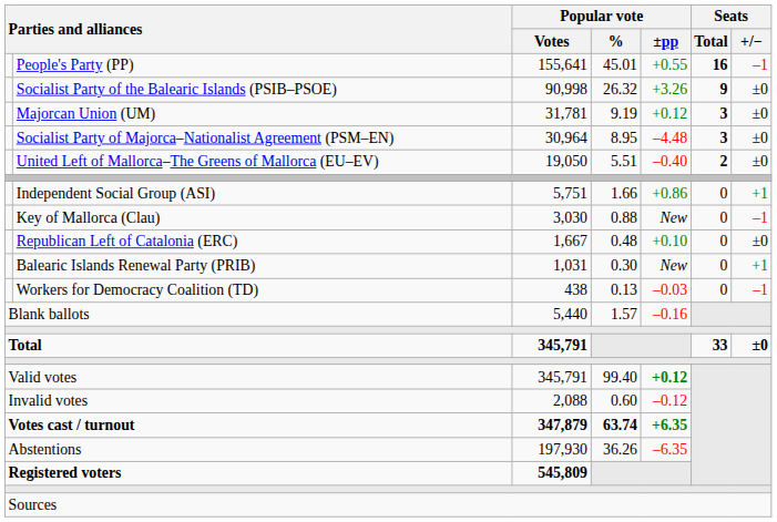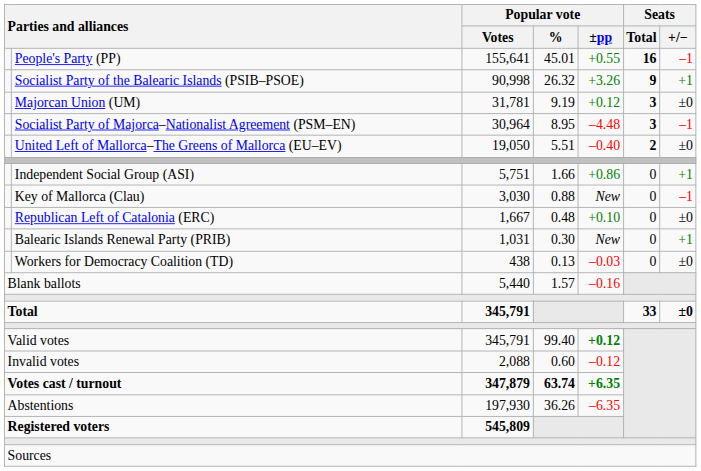 <table class="wikitable" style="text-align:right;">
 <tr>
 <th style="text-align:left;" rowspan="2" colspan="2" width="525">Parties and alliances</th>
 <th colspan="3">Popular vote</th>
 <th colspan="2">Seats</th>
 </tr>
 <tr>
 <th width="75">Votes</th>
 <th width="45">%</th>
 <th width="45">±<a href='#'>pp</a></th>
 <th width="35">Total</th>
 <th width="35">+/−</th>
 </tr>
 <tr>
 <td width="1" style="color:inherit;background:"></td>
 <td align="left"><a href='#'>People's Party</a> (PP)</td>
 <td>155,641</td>
 <td>45.01</td>
 <td style="color:green;">+0.55</td>
 <td><strong>16</strong></td>
 <td style="color:red;">–1</td>
 </tr>
 <tr>
 <td style="color:inherit;background:"></td>
 <td align="left"><a href='#'>Socialist Party of the Balearic Islands</a> (PSIB–PSOE)</td>
 <td>90,998</td>
 <td>26.32</td>
 <td style="color:green;">+3.26</td>
 <td><strong>9</strong></td>
-<td>±0</td>
+<td style="color:green;">+1</td>
 </tr>
 <tr>
 <td style="color:inherit;background:"></td>
 <td align="left"><a href='#'>Majorcan Union</a> (UM)</td>
 <td>31,781</td>
 <td>9.19</td>
 <td style="color:green;">+0.12</td>
 <td><strong>3</strong></td>
 <td>±0</td>
 </tr>
 <tr>
 <td style="color:inherit;background:"></td>
 <td align="left"><a href='#'>Socialist Party of Majorca</a>–<a href='#'>Nationalist Agreement</a> (PSM–EN)</td>
 <td>30,964</td>
 <td>8.95</td>
 <td style="color:red;">–4.48</td>
 <td><strong>3</strong></td>
-<td>±0</td>
+<td style="color:red;">–1</td>
 </tr>
 <tr>
 <td style="color:inherit;background:"></td>
 <td align="left"><a href='#'>United Left of Mallorca</a>–<a href='#'>The Greens of Mallorca</a> (EU–EV)</td>
 <td>19,050</td>
 <td>5.51</td>
 <td style="color:red;">–0.40</td>
 <td><strong>2</strong></td>
 <td>±0</td>
 </tr>
 <tr>
 <td colspan="7" bgcolor="#C0C0C0"></td>
 </tr>
 <tr>
 <td width="1" style="color:inherit;background:"></td>
 <td align="left">Independent Social Group (ASI)</td>
 <td>5,751</td>
 <td>1.66</td>
 <td style="color:green;">+0.86</td>
 <td>0</td>
 <td style="color:green;">+1</td>
 </tr>
 <tr>
 <td style="color:inherit;background:"></td>
 <td align="left">Key of Mallorca (Clau)</td>
 <td>3,030</td>
 <td>0.88</td>
 <td><em>New</em></td>
 <td>0</td>
 <td style="color:red;">–1</td>
 </tr>
 <tr>
 <td style="color:inherit;background:"></td>
 <td align="left"><a href='#'>Republican Left of Catalonia</a> (ERC)</td>
 <td>1,667</td>
 <td>0.48</td>
 <td style="color:green;">+0.10</td>
 <td>0</td>
 <td>±0</td>
 </tr>
 <tr>
 <td style="color:inherit;background:"></td>
 <td align="left">Balearic Islands Renewal Party (PRIB)</td>
 <td>1,031</td>
 <td>0.30</td>
 <td><em>New</em></td>
 <td>0</td>
 <td style="color:green;">+1</td>
 </tr>
 <tr>
 <td style="color:inherit;background:"></td>
 <td align="left">Workers for Democracy Coalition (TD)</td>
 <td>438</td>
 <td>0.13</td>
 <td style="color:red;">–0.03</td>
 <td>0</td>
-<td style="color:red;">–1</td>
+<td>±0</td>
 </tr>
 <tr>
 <td align="left" colspan="2">Blank ballots</td>
 <td>5,440</td>
 <td>1.57</td>
 <td style="color:red;">–0.16</td>
 <td bgcolor="#E9E9E9" colspan="2"></td>
 </tr>
 <tr>
 <td colspan="7" bgcolor="#E9E9E9"></td>
 </tr>
 <tr style="font-weight:bold;">
 <td align="left" colspan="2">Total</td>
 <td>345,791</td>
 <td bgcolor="#E9E9E9" colspan="2"></td>
 <td>33</td>
 <td>±0</td>
 </tr>
 <tr>
 <td colspan="7" bgcolor="#E9E9E9"></td>
 </tr>
 <tr>
 <td align="left" colspan="2">Valid votes</td>
 <td>345,791</td>
 <td>99.40</td>
 <td style="color:green;"><strong>+0.12</strong></td>
 <td bgcolor="#E9E9E9" colspan="2" rowspan="5"></td>
 </tr>
 <tr>
 <td align="left" colspan="2">Invalid votes</td>
 <td>2,088</td>
 <td>0.60</td>
 <td style="color:red;">–0.12</td>
 </tr>
 <tr style="font-weight:bold;">
 <td align="left" colspan="2">Votes cast / turnout</td>
 <td>347,879</td>
 <td>63.74</td>
 <td style="color:green;">+6.35</td>
 </tr>
 <tr>
 <td align="left" colspan="2">Abstentions</td>
 <td>197,930</td>
 <td>36.26</td>
 <td style="color:red;">–6.35</td>
 </tr>
 <tr style="font-weight:bold;">
 <td align="left" colspan="2">Registered voters</td>
 <td>545,809</td>
 <td bgcolor="#E9E9E9" colspan="2"></td>
 </tr>
 <tr>
 <td colspan="7" bgcolor="#E9E9E9"></td>
 </tr>
 <tr>
 <td align="left" colspan="7">Sources</td>
 </tr>
 </table>
